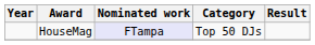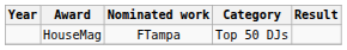 <table class="wikitable plainrowheaders" style="text-align:center;">
 <tr>
 <th>Year</th>
 <th>Award</th>
 <th>Nominated work</th>
 <th>Category</th>
 <th>Result</th>
 </tr>
 <tr>
 <td></td>
 <td>HouseMag</td>
-<td style="background: lavender;">FTampa</td>
+<td>FTampa</td>
 <td>Top 50 DJs</td>
 <td></td>
 </tr>
 <tr>
 </tr>
 </table>
